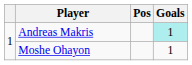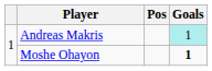 <table class="wikitable">
 <tr>
 <th></th>
 <th style="width:150px;">Player</th>
 <th>Pos</th>
 <th>Goals</th>
 </tr>
 <tr>
 <td style="text-align:center;" rowspan="2">1</td>
 <td> <a href='#'>Andreas Makris</a></td>
 <td align=center></td>
 <td align=center style="background: paleturquoise;">1</td>
 </tr>
 <tr>
 <td> <a href='#'>Moshe Ohayon</a></td>
 <td align=center></td>
-<td align=center>1</td>
+<td align=center><strong>1</strong></td>
 </tr>
 </table>
